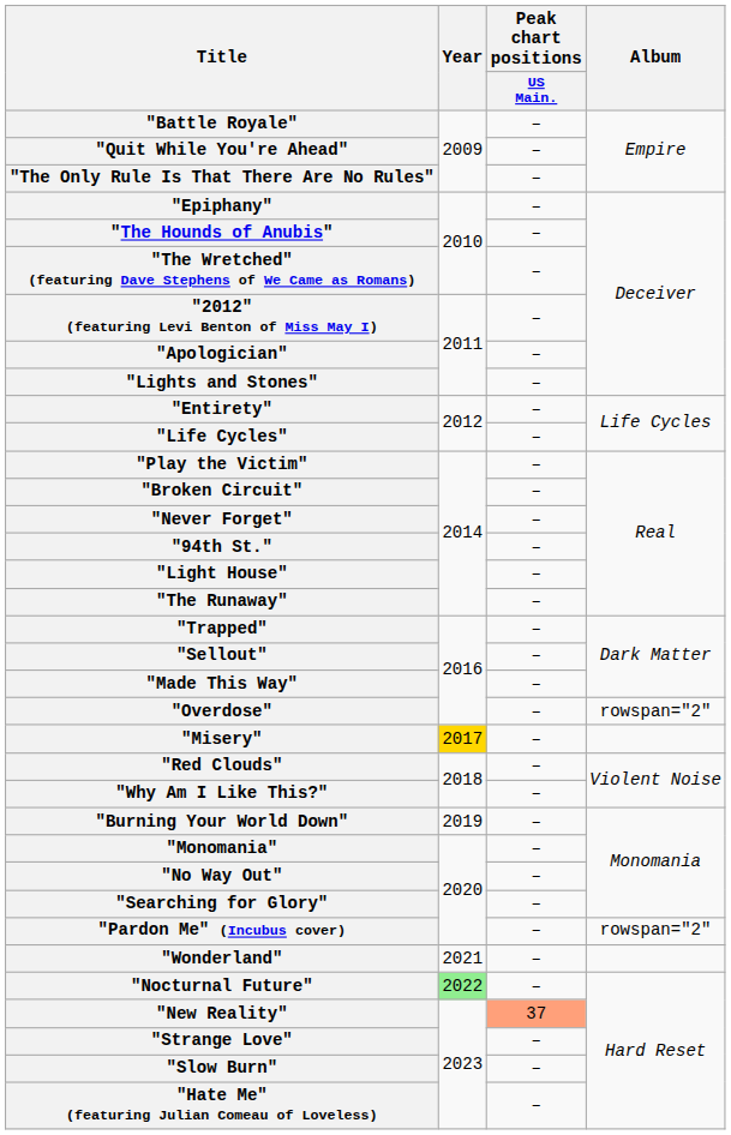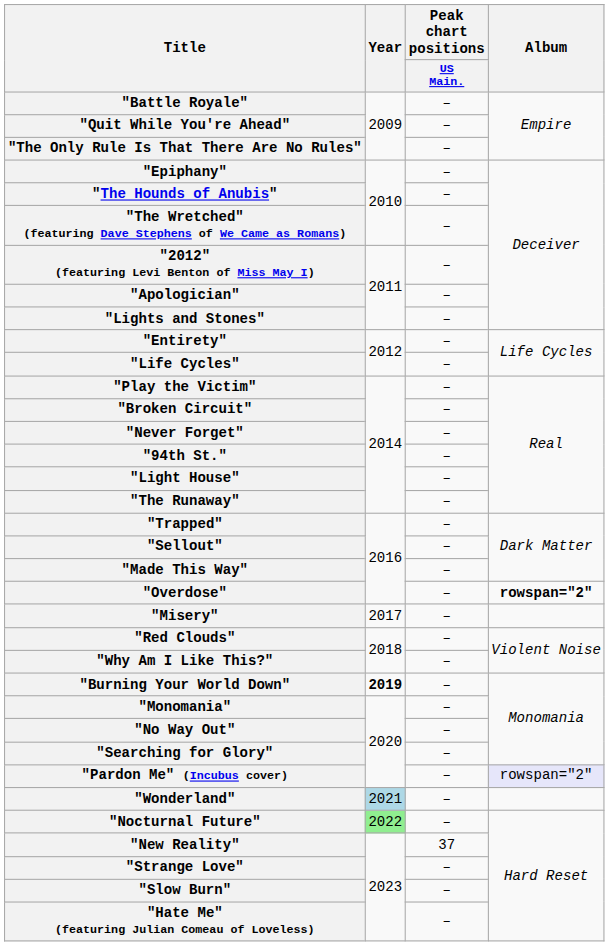 <table class="wikitable plainrowheaders" style="text-align:center;">
 <tr>
 <th scope="col" rowspan="2">Title</th>
 <th scope="col" rowspan="2">Year</th>
 <th scope="col">Peak chart positions</th>
 <th scope="col" rowspan="2">Album</th>
 </tr>
 <tr style="font-size:smaller">
 <th style="width:30px;"><a href='#'>US<br>Main.</a><br></th>
 </tr>
 <tr>
 <th scope="row">"Battle Royale"</th>
 <td rowspan="3">2009</td>
 <td>–</td>
 <td rowspan="3"><em>Empire</em></td>
 </tr>
 <tr>
 <th scope="row">"Quit While You're Ahead"</th>
 <td>–</td>
 </tr>
 <tr>
 <th scope="row">"The Only Rule Is That There Are No Rules"</th>
 <td>–</td>
 </tr>
 <tr>
 <th scope="row">"Epiphany"</th>
 <td rowspan="3">2010</td>
 <td>–</td>
 <td rowspan="6"><em>Deceiver</em></td>
 </tr>
 <tr>
 <th scope="row">"<a href='#'>The Hounds of Anubis</a>"</th>
 <td>–</td>
 </tr>
 <tr>
 <th scope="row">"The Wretched"<br><small>(featuring <a href='#'>Dave Stephens</a> of <a href='#'>We Came as Romans</a>)</small></th>
 <td>–</td>
 </tr>
 <tr>
 <th scope="row">"2012"<br><small>(featuring Levi Benton of <a href='#'>Miss May I</a>)</small></th>
 <td rowspan="3">2011</td>
 <td>–</td>
 </tr>
 <tr>
 <th scope="row">"Apologician"</th>
 <td>–</td>
 </tr>
 <tr>
 <th scope="row">"Lights and Stones"</th>
 <td>–</td>
 </tr>
 <tr>
 <th scope="row">"Entirety"</th>
 <td rowspan="2">2012</td>
 <td>–</td>
 <td rowspan="2"><em>Life Cycles</em></td>
 </tr>
 <tr>
 <th scope="row">"Life Cycles"</th>
 <td>–</td>
 </tr>
 <tr>
 <th scope="row">"Play the Victim"</th>
 <td rowspan="6">2014</td>
 <td>–</td>
 <td rowspan="6"><em>Real</em></td>
 </tr>
 <tr>
 <th scope="row">"Broken Circuit"</th>
 <td>–</td>
 </tr>
 <tr>
 <th scope="row">"Never Forget"</th>
 <td>–</td>
 </tr>
 <tr>
 <th scope="row">"94th St."</th>
 <td>–</td>
 </tr>
 <tr>
 <th scope="row">"Light House"</th>
 <td>–</td>
 </tr>
 <tr>
 <th scope="row">"The Runaway"</th>
 <td>–</td>
 </tr>
 <tr>
 <th scope="row">"Trapped"</th>
 <td rowspan="4">2016</td>
 <td>–</td>
 <td rowspan="3"><em>Dark Matter</em></td>
 </tr>
 <tr>
 <th scope="row">"Sellout"</th>
 <td>–</td>
 </tr>
 <tr>
 <th scope="row">"Made This Way"</th>
 <td>–</td>
 </tr>
 <tr>
 <th scope="row">"Overdose"</th>
 <td>–</td>
-<td>rowspan="2" </td>
+<td><strong>rowspan="2" </strong></td>
 </tr>
 <tr>
 <th scope="row">"Misery"</th>
-<td style="background: gold;">2017</td>
+<td>2017</td>
 <td>–</td>
 </tr>
 <tr>
 <th scope="row">"Red Clouds"</th>
 <td rowspan="2">2018</td>
 <td>–</td>
 <td rowspan="2"><em>Violent Noise</em></td>
 </tr>
 <tr>
 <th scope="row">"Why Am I Like This?"</th>
 <td>–</td>
 </tr>
 <tr>
 <th scope="row">"Burning Your World Down"</th>
-<td>2019</td>
+<td><strong>2019</strong></td>
 <td>–</td>
 <td rowspan="4"><em>Monomania</em></td>
 </tr>
 <tr>
 <th scope="row">"Monomania"</th>
 <td rowspan="4">2020</td>
 <td>–</td>
 </tr>
 <tr>
 <th scope="row">"No Way Out"</th>
 <td>–</td>
 </tr>
 <tr>
 <th scope="row">"Searching for Glory"</th>
 <td>–</td>
 </tr>
 <tr>
 <th scope="row">"Pardon Me" <small>(<a href='#'>Incubus</a> cover)</small></th>
 <td>–</td>
-<td>rowspan="2" </td>
+<td style="background: lavender;">rowspan="2" </td>
 </tr>
 <tr>
 <th scope="row">"Wonderland"</th>
-<td>2021</td>
+<td style="background: lightblue;">2021</td>
 <td>–</td>
 </tr>
 <tr>
 <th scope="row">"Nocturnal Future"</th>
 <td style="background: lightgreen;">2022</td>
 <td>–</td>
 <td rowspan="5"><em>Hard Reset</em></td>
 </tr>
 <tr>
 <th scope="row">"New Reality"</th>
 <td rowspan="4">2023</td>
-<td style="background: lightsalmon;">37</td>
+<td>37</td>
 </tr>
 <tr>
 <th scope="row">"Strange Love"</th>
 <td>–</td>
 </tr>
 <tr>
 <th scope="row">"Slow Burn"</th>
 <td>–</td>
 </tr>
 <tr>
 <th scope="row">"Hate Me"<br><small>(featuring Julian Comeau of Loveless)</small></th>
 <td>–</td>
 </tr>
 </table>
